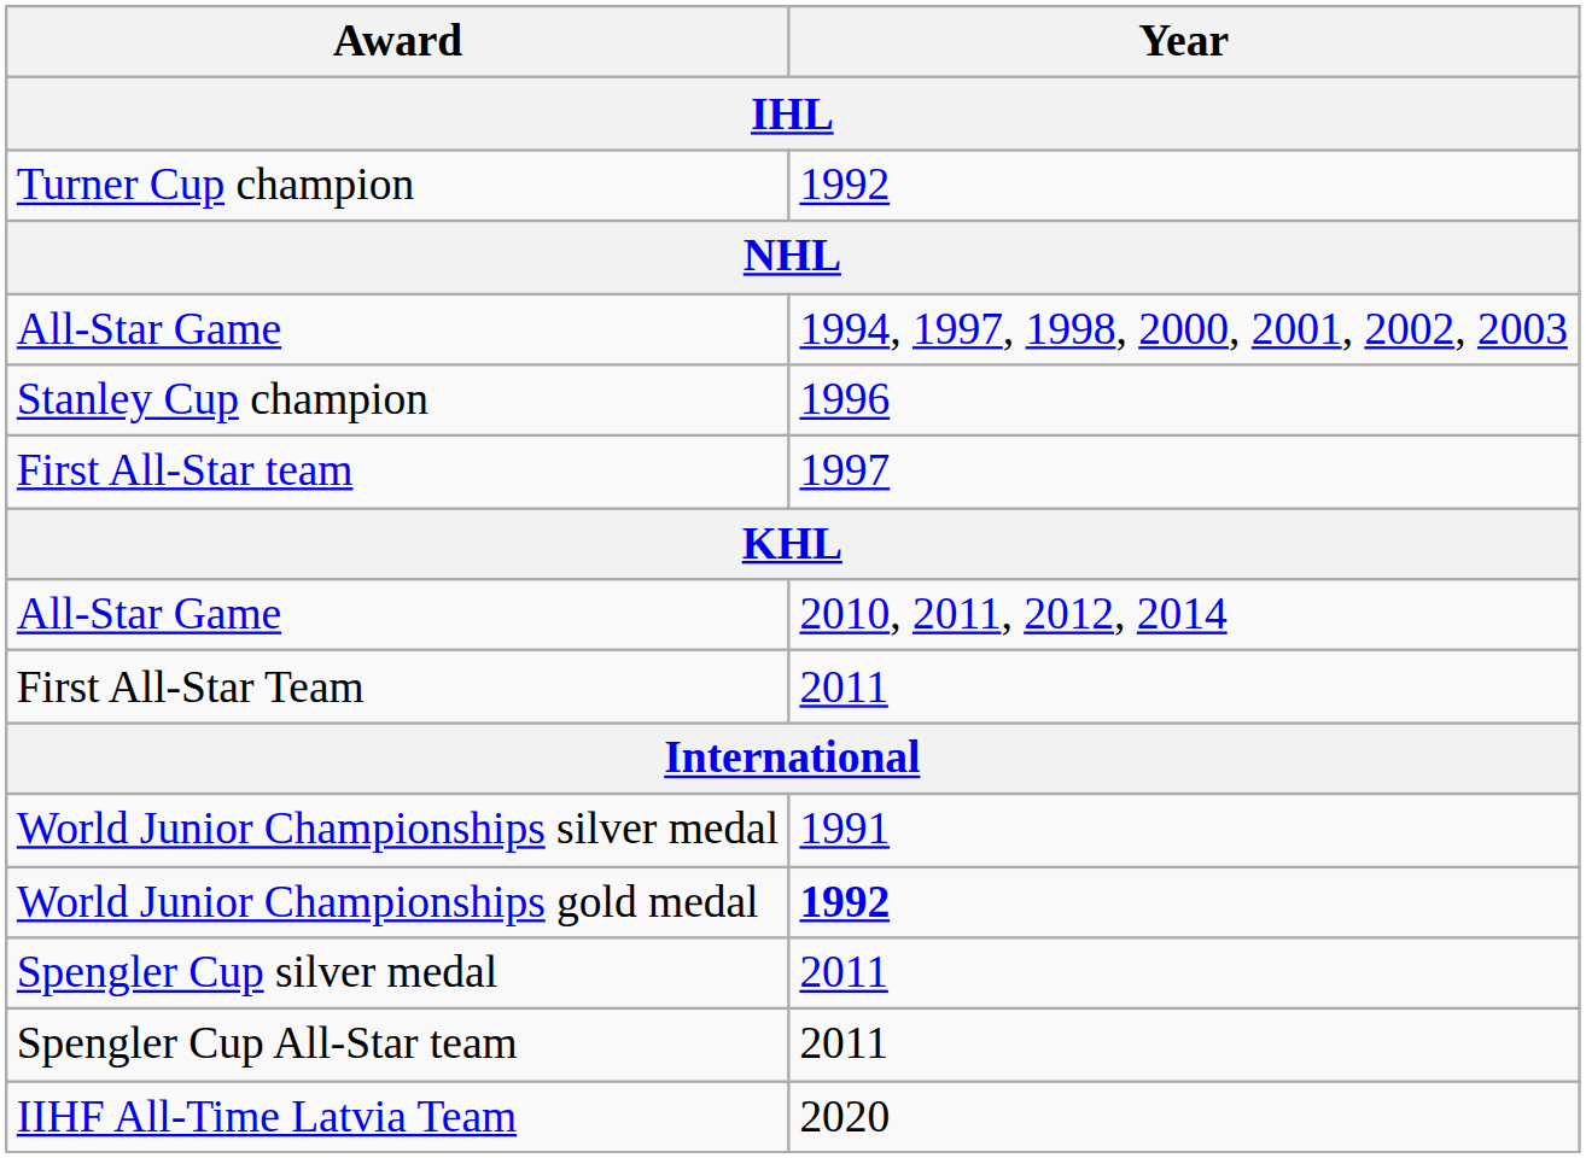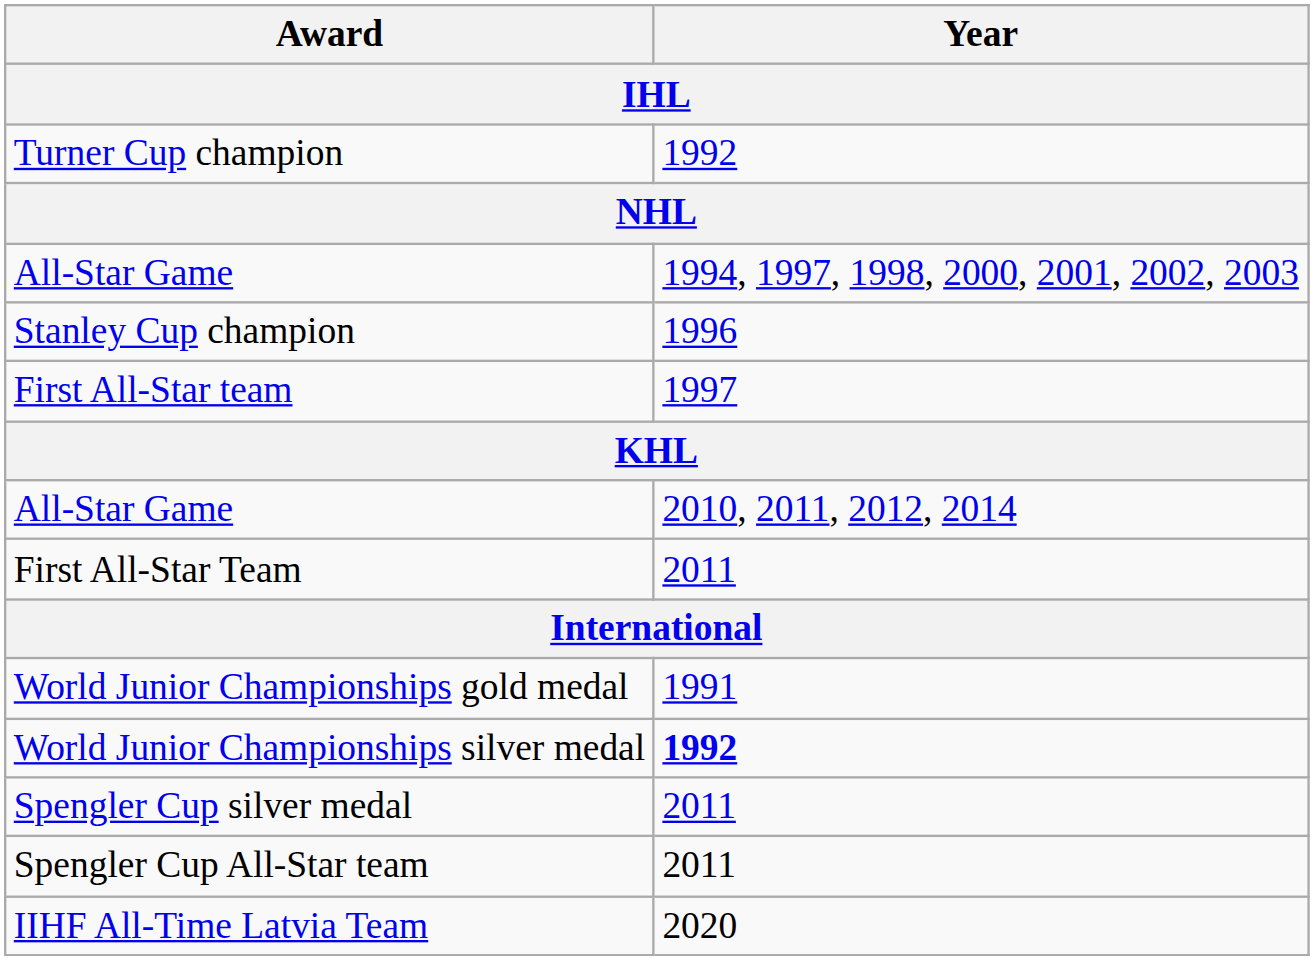 <table class="wikitable">
 <tr>
 <th>Award</th>
 <th>Year</th>
 </tr>
 <tr>
 <th colspan="2"><a href='#'>IHL</a></th>
 </tr>
 <tr>
 <td><a href='#'>Turner Cup</a> champion</td>
 <td><a href='#'>1992</a></td>
 </tr>
 <tr>
 <th colspan="2"><a href='#'>NHL</a></th>
 </tr>
 <tr>
 <td><a href='#'>All-Star Game</a></td>
 <td><a href='#'>1994</a>, <a href='#'>1997</a>, <a href='#'>1998</a>, <a href='#'>2000</a>, <a href='#'>2001</a>, <a href='#'>2002</a>, <a href='#'>2003</a></td>
 </tr>
 <tr>
 <td><a href='#'>Stanley Cup</a> champion</td>
 <td><a href='#'>1996</a></td>
 </tr>
 <tr>
 <td><a href='#'>First All-Star team</a></td>
 <td><a href='#'>1997</a></td>
 </tr>
 <tr>
 <th colspan="2"><a href='#'>KHL</a></th>
 </tr>
 <tr>
 <td><a href='#'>All-Star Game</a></td>
 <td><a href='#'>2010</a>, <a href='#'>2011</a>, <a href='#'>2012</a>, <a href='#'>2014</a></td>
 </tr>
 <tr>
 <td>First All-Star Team</td>
 <td><a href='#'>2011</a></td>
 </tr>
 <tr>
 <th colspan="2"><a href='#'>International</a></th>
 </tr>
 <tr>
-<td><a href='#'>World Junior Championships</a> silver medal</td>
+<td><a href='#'>World Junior Championships</a> gold medal</td>
 <td><a href='#'>1991</a></td>
 </tr>
 <tr>
-<td><a href='#'>World Junior Championships</a> gold medal</td>
+<td><a href='#'>World Junior Championships</a> silver medal</td>
 <td><strong><a href='#'>1992</a></strong></td>
 </tr>
 <tr>
 <td><a href='#'>Spengler Cup</a> silver medal</td>
 <td><a href='#'>2011</a></td>
 </tr>
 <tr>
 <td>Spengler Cup All-Star team</td>
 <td>2011</td>
 </tr>
 <tr>
 <td><a href='#'>IIHF All-Time Latvia Team</a></td>
 <td>2020</td>
 </tr>
 </table>
